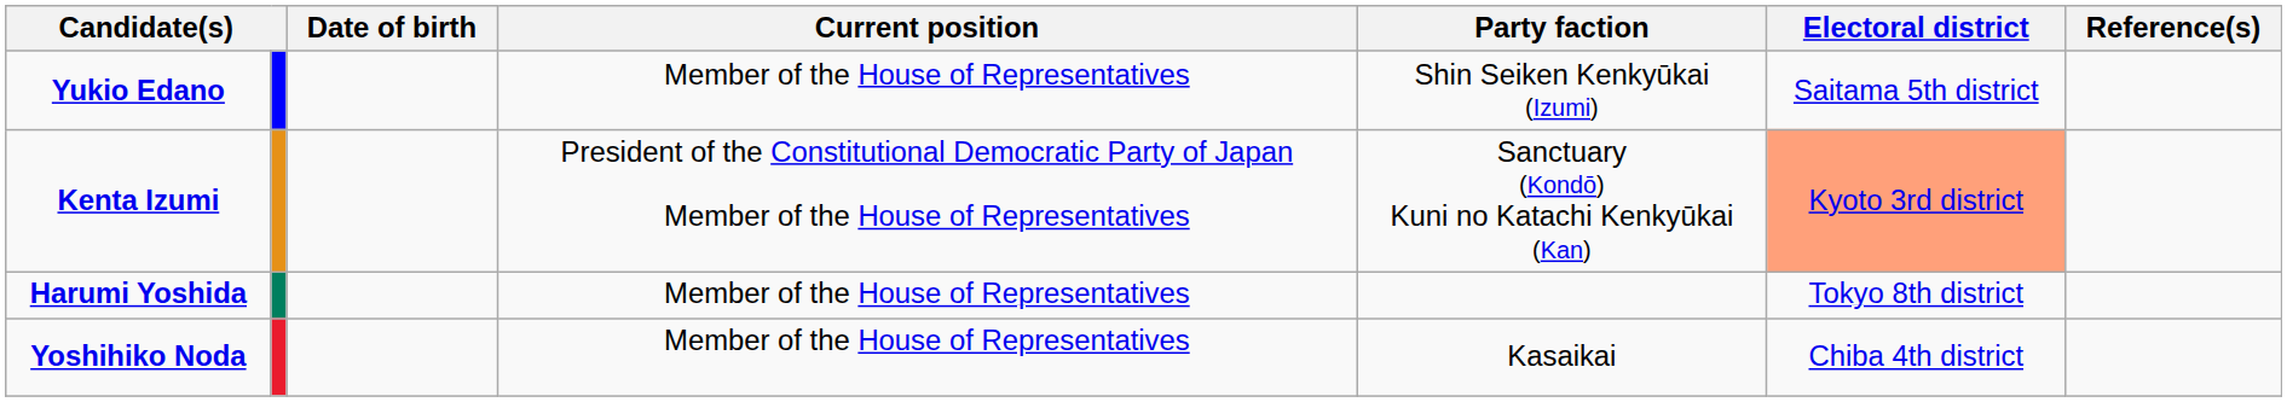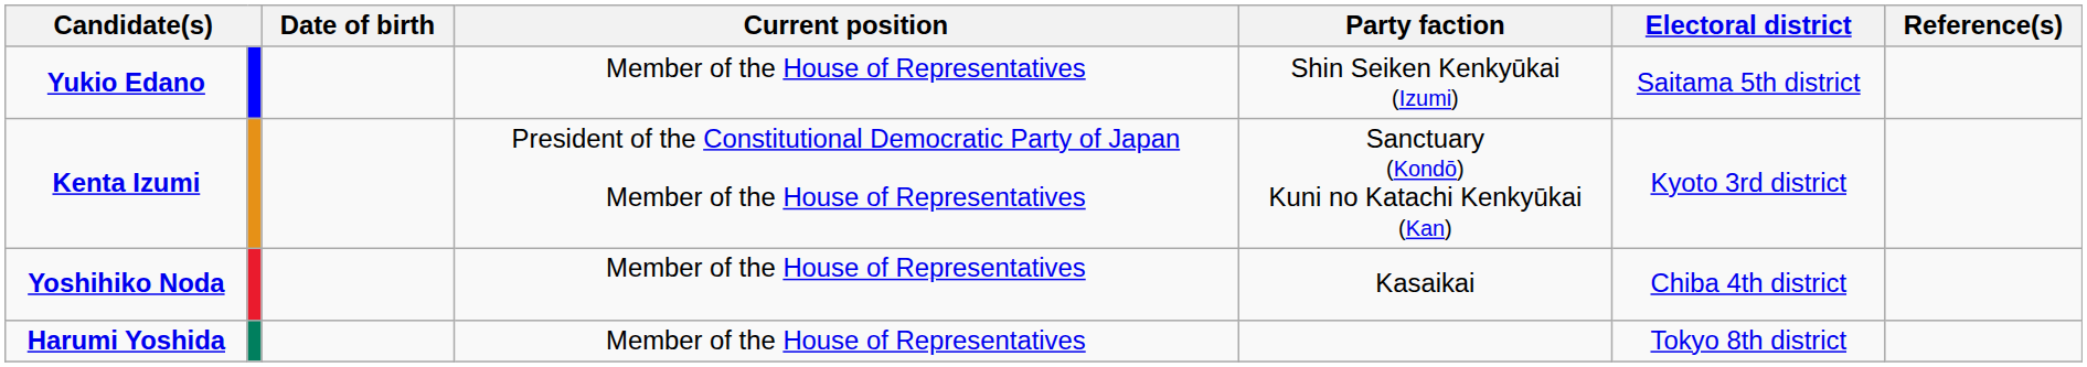 <table class="wikitable sortable" style="text-align:center;width:100%">
 <tr>
 <th colspan="2" style="width:110px;">Candidate(s)</th>
 <th>Date of birth</th>
 <th class="unsortable">Current position</th>
 <th>Party faction</th>
 <th><a href='#'>Electoral district</a></th>
 <th class="unsortable">Reference(s)</th>
 </tr>
 <tr>
 <td> <strong><a href='#'>Yukio Edano</a></strong></td>
 <td style="background:#0000FF"></td>
 <td><br></td>
 <td>Member of the <a href='#'>House of Representatives</a><br><br></td>
 <td>Shin Seiken Kenkyūkai<br><small>(<a href='#'>Izumi</a>)</small></td>
 <td> <a href='#'>Saitama 5th district</a></td>
 <td></td>
 </tr>
 <tr>
 <td> <strong><a href='#'>Kenta Izumi</a></strong></td>
 <td style="background:#E69117"></td>
 <td><br></td>
 <td>President of the <a href='#'>Constitutional Democratic Party of Japan</a><br><br>Member of the <a href='#'>House of Representatives</a><br><br></td>
 <td>Sanctuary<br><small>(<a href='#'>Kondō</a>)</small><br>Kuni no Katachi Kenkyūkai<br><small>(<a href='#'>Kan</a>)</small></td>
-<td style="background: lightsalmon;"> <a href='#'>Kyoto 3rd district</a></td>
+<td> <a href='#'>Kyoto 3rd district</a></td>
+<td></td>
+</tr>
+<tr>
+<td> <strong><a href='#'>Yoshihiko Noda</a></strong></td>
+<td style="background:#EA1B2D"></td>
+<td><br></td>
+<td>Member of the <a href='#'>House of Representatives</a><br><br></td>
+<td>Kasaikai<br></td>
+<td> <a href='#'>Chiba 4th district</a></td>
 <td></td>
 </tr>
 <tr>
 <td> <strong><a href='#'>Harumi Yoshida</a></strong></td>
 <td style="background:#007F5E"></td>
 <td><br></td>
 <td>Member of the <a href='#'>House of Representatives</a><br></td>
 <td></td>
 <td><a href='#'>Tokyo 8th district</a></td>
 <td></td>
 </tr>
-<tr>
-<td> <strong><a href='#'>Yoshihiko Noda</a></strong></td>
-<td style="background:#EA1B2D"></td>
-<td><br></td>
-<td>Member of the <a href='#'>House of Representatives</a><br><br></td>
-<td>Kasaikai<br></td>
-<td> <a href='#'>Chiba 4th district</a></td>
-<td></td>
-</tr>
 </table>
